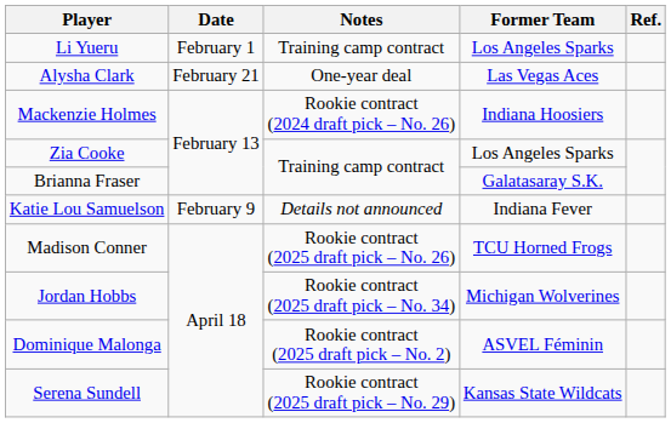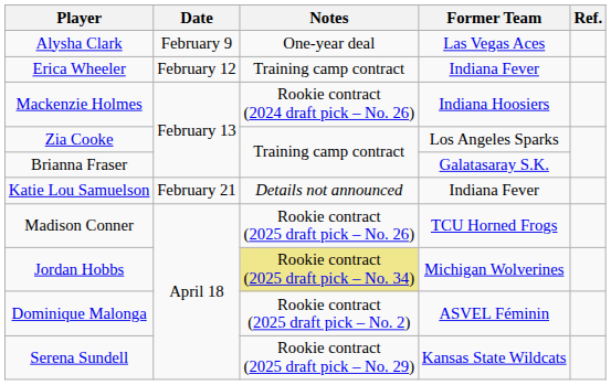 <table class="wikitable sortable sortable" style="text-align: center">
 <tr>
 <th>Player</th>
 <th>Date</th>
 <th>Notes</th>
 <th>Former Team</th>
 <th>Ref.</th>
 </tr>
 <tr>
-<td><a href='#'>Li Yueru</a></td>
-<td>February 1</td>
-<td>Training camp contract</td>
-<td><a href='#'>Los Angeles Sparks</a></td>
+<td><a href='#'>Alysha Clark</a></td>
+<td>February 9</td>
+<td>One-year deal</td>
+<td><a href='#'>Las Vegas Aces</a></td>
 <td></td>
 </tr>
 <tr>
-<td><a href='#'>Alysha Clark</a></td>
-<td>February 21</td>
-<td>One-year deal</td>
-<td><a href='#'>Las Vegas Aces</a></td>
+<td><a href='#'>Erica Wheeler</a></td>
+<td>February 12</td>
+<td>Training camp contract</td>
+<td><a href='#'>Indiana Fever</a></td>
 <td></td>
 </tr>
 <tr>
 <td><a href='#'>Mackenzie Holmes</a></td>
 <td rowspan=3>February 13</td>
 <td>Rookie contract<br>(<a href='#'>2024 draft pick – No. 26</a>)</td>
 <td><a href='#'>Indiana Hoosiers</a></td>
 <td></td>
 </tr>
 <tr>
 <td><a href='#'>Zia Cooke</a></td>
 <td rowspan=2>Training camp contract</td>
 <td>Los Angeles Sparks</td>
 <td rowspan=2></td>
 </tr>
 <tr>
 <td>Brianna Fraser</td>
 <td><a href='#'>Galatasaray S.K.</a></td>
 </tr>
 <tr>
 <td><a href='#'>Katie Lou Samuelson</a></td>
-<td>February 9</td>
+<td>February 21</td>
 <td><em>Details not announced</em></td>
 <td>Indiana Fever</td>
 <td></td>
 </tr>
 <tr>
 <td>Madison Conner</td>
 <td rowspan=4>April 18</td>
 <td>Rookie contract<br>(<a href='#'>2025 draft pick – No. 26</a>)</td>
 <td><a href='#'>TCU Horned Frogs</a></td>
 <td></td>
 </tr>
 <tr>
 <td><a href='#'>Jordan Hobbs</a></td>
-<td>Rookie contract<br>(<a href='#'>2025 draft pick – No. 34</a>)</td>
+<td style="background: khaki;">Rookie contract<br>(<a href='#'>2025 draft pick – No. 34</a>)</td>
 <td><a href='#'>Michigan Wolverines</a></td>
 <td></td>
 </tr>
 <tr>
 <td><a href='#'>Dominique Malonga</a></td>
 <td>Rookie contract<br>(<a href='#'>2025 draft pick – No. 2</a>)</td>
 <td><a href='#'>ASVEL Féminin</a></td>
 <td></td>
 </tr>
 <tr>
 <td><a href='#'>Serena Sundell</a></td>
 <td>Rookie contract<br>(<a href='#'>2025 draft pick – No. 29</a>)</td>
 <td><a href='#'>Kansas State Wildcats</a></td>
 <td></td>
 </tr>
 </table>
